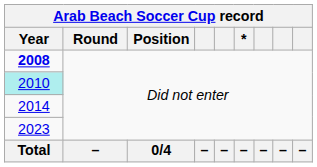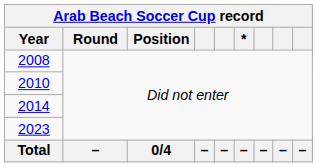 <table class="wikitable" width="50%" style="font-size:90%; text-align:center;">
 <tr>
 <th colspan="9"><a href='#'>Arab Beach Soccer Cup</a> record</th>
 </tr>
 <tr>
 <th width="15%">Year</th>
 <th width="15%">Round</th>
 <th width="5%">Position</th>
 <th width="5%"></th>
 <th width="5%"></th>
 <th width="5%">*</th>
 <th width="5%"></th>
 <th width="5%"></th>
 <th width="5%"></th>
 </tr>
 <tr>
-<td><strong> <a href='#'>2008</a></strong></td>
+<td> <a href='#'>2008</a></td>
 <td colspan="8" rowspan="4"><em>Did not enter</em></td>
 </tr>
 <tr>
-<td style="background: paleturquoise;"> <a href='#'>2010</a></td>
+<td> <a href='#'>2010</a></td>
 </tr>
 <tr>
 <td> <a href='#'>2014</a></td>
 </tr>
 <tr>
 <td> <a href='#'>2023</a></td>
 </tr>
 <tr>
 <th>Total</th>
 <th>–</th>
 <th>0/4</th>
 <th>–</th>
 <th>–</th>
 <th>–</th>
 <th>–</th>
 <th>–</th>
 <th>–</th>
 </tr>
 </table>
